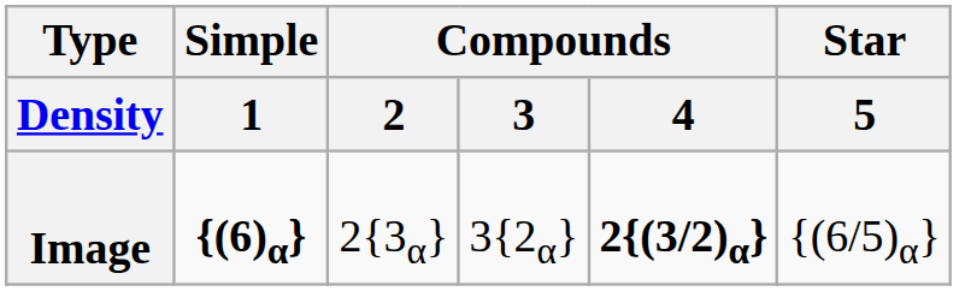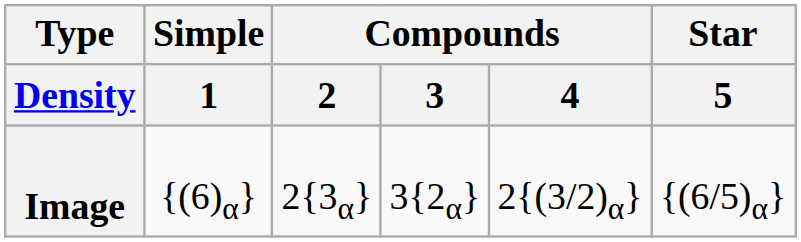 <table class=wikitable>
 <tr>
 <th>Type</th>
 <th>Simple</th>
 <th colspan=3>Compounds</th>
 <th>Star</th>
 </tr>
 <tr>
 <th><a href='#'>Density</a></th>
 <th>1</th>
 <th>2</th>
 <th>3</th>
 <th>4</th>
 <th>5</th>
 </tr>
 <tr align=center valign=bottom>
 <th>Image</th>
-<td><strong><br>{(6)<sub>α</sub>}</strong></td>
+<td><br>{(6)<sub>α</sub>}</td>
 <td><br>2{3<sub>α</sub>}</td>
 <td><br>3{2<sub>α</sub>}</td>
-<td><strong><br>2{(3/2)<sub>α</sub>}</strong></td>
+<td><br>2{(3/2)<sub>α</sub>}</td>
 <td><br>{(6/5)<sub>α</sub>}</td>
 </tr>
 </table>
